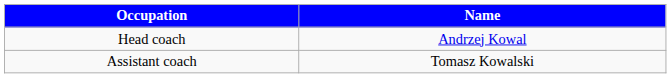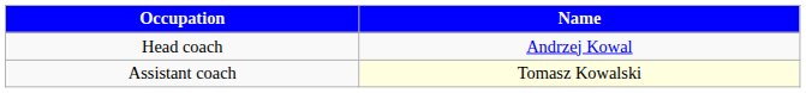 <table class="wikitable" style="font-size:100%; text-align:center">
 <tr>
 <th style="color:#FFFFFF; background-color:#0000FF; width:20em">Occupation</th>
 <th colspan="2" style="color:#FFFFFF; background-color:#0000FF; width:25em">Name</th>
 </tr>
 <tr>
 <td>Head coach</td>
 <td colspan="2"> <a href='#'>Andrzej Kowal</a></td>
 </tr>
 <tr>
 <td>Assistant coach</td>
-<td> Tomasz Kowalski</td>
+<td style="background: lightyellow;"> Tomasz Kowalski</td>
 </tr>
 </table>
